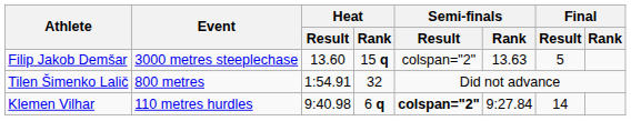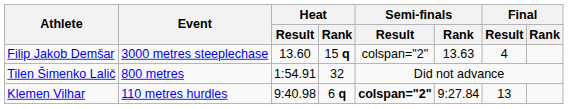 <table class="wikitable" style="font-size:90%; text-align:center">
 <tr>
 <th rowspan="2">Athlete</th>
 <th rowspan="2">Event</th>
 <th colspan="2">Heat</th>
 <th colspan="2">Semi-finals</th>
 <th colspan="2">Final</th>
 </tr>
 <tr>
 <th>Result</th>
 <th>Rank</th>
 <th>Result</th>
 <th>Rank</th>
 <th>Result</th>
 <th>Rank</th>
 </tr>
 <tr>
 <td align="left"><a href='#'>Filip Jakob Demšar</a></td>
 <td align="left"><a href='#'>3000 metres steeplechase</a></td>
 <td>13.60 </td>
 <td>15 <strong>q</strong></td>
 <td>colspan="2" </td>
 <td>13.63</td>
-<td>5</td>
+<td>4</td>
 </tr>
 <tr>
 <td align="left"><a href='#'>Tilen Šimenko Lalič</a></td>
 <td align="left"><a href='#'>800 metres</a></td>
 <td>1:54.91 </td>
 <td>32</td>
 <td colspan="4">Did not advance</td>
 </tr>
 <tr>
 <td align="left"><a href='#'>Klemen Vilhar</a></td>
 <td align="left"><a href='#'>110 metres hurdles</a></td>
 <td>9:40.98</td>
 <td>6 <strong>q</strong></td>
 <td><strong>colspan="2" </strong></td>
 <td>9:27.84</td>
-<td>14</td>
+<td>13</td>
 </tr>
 </table>
